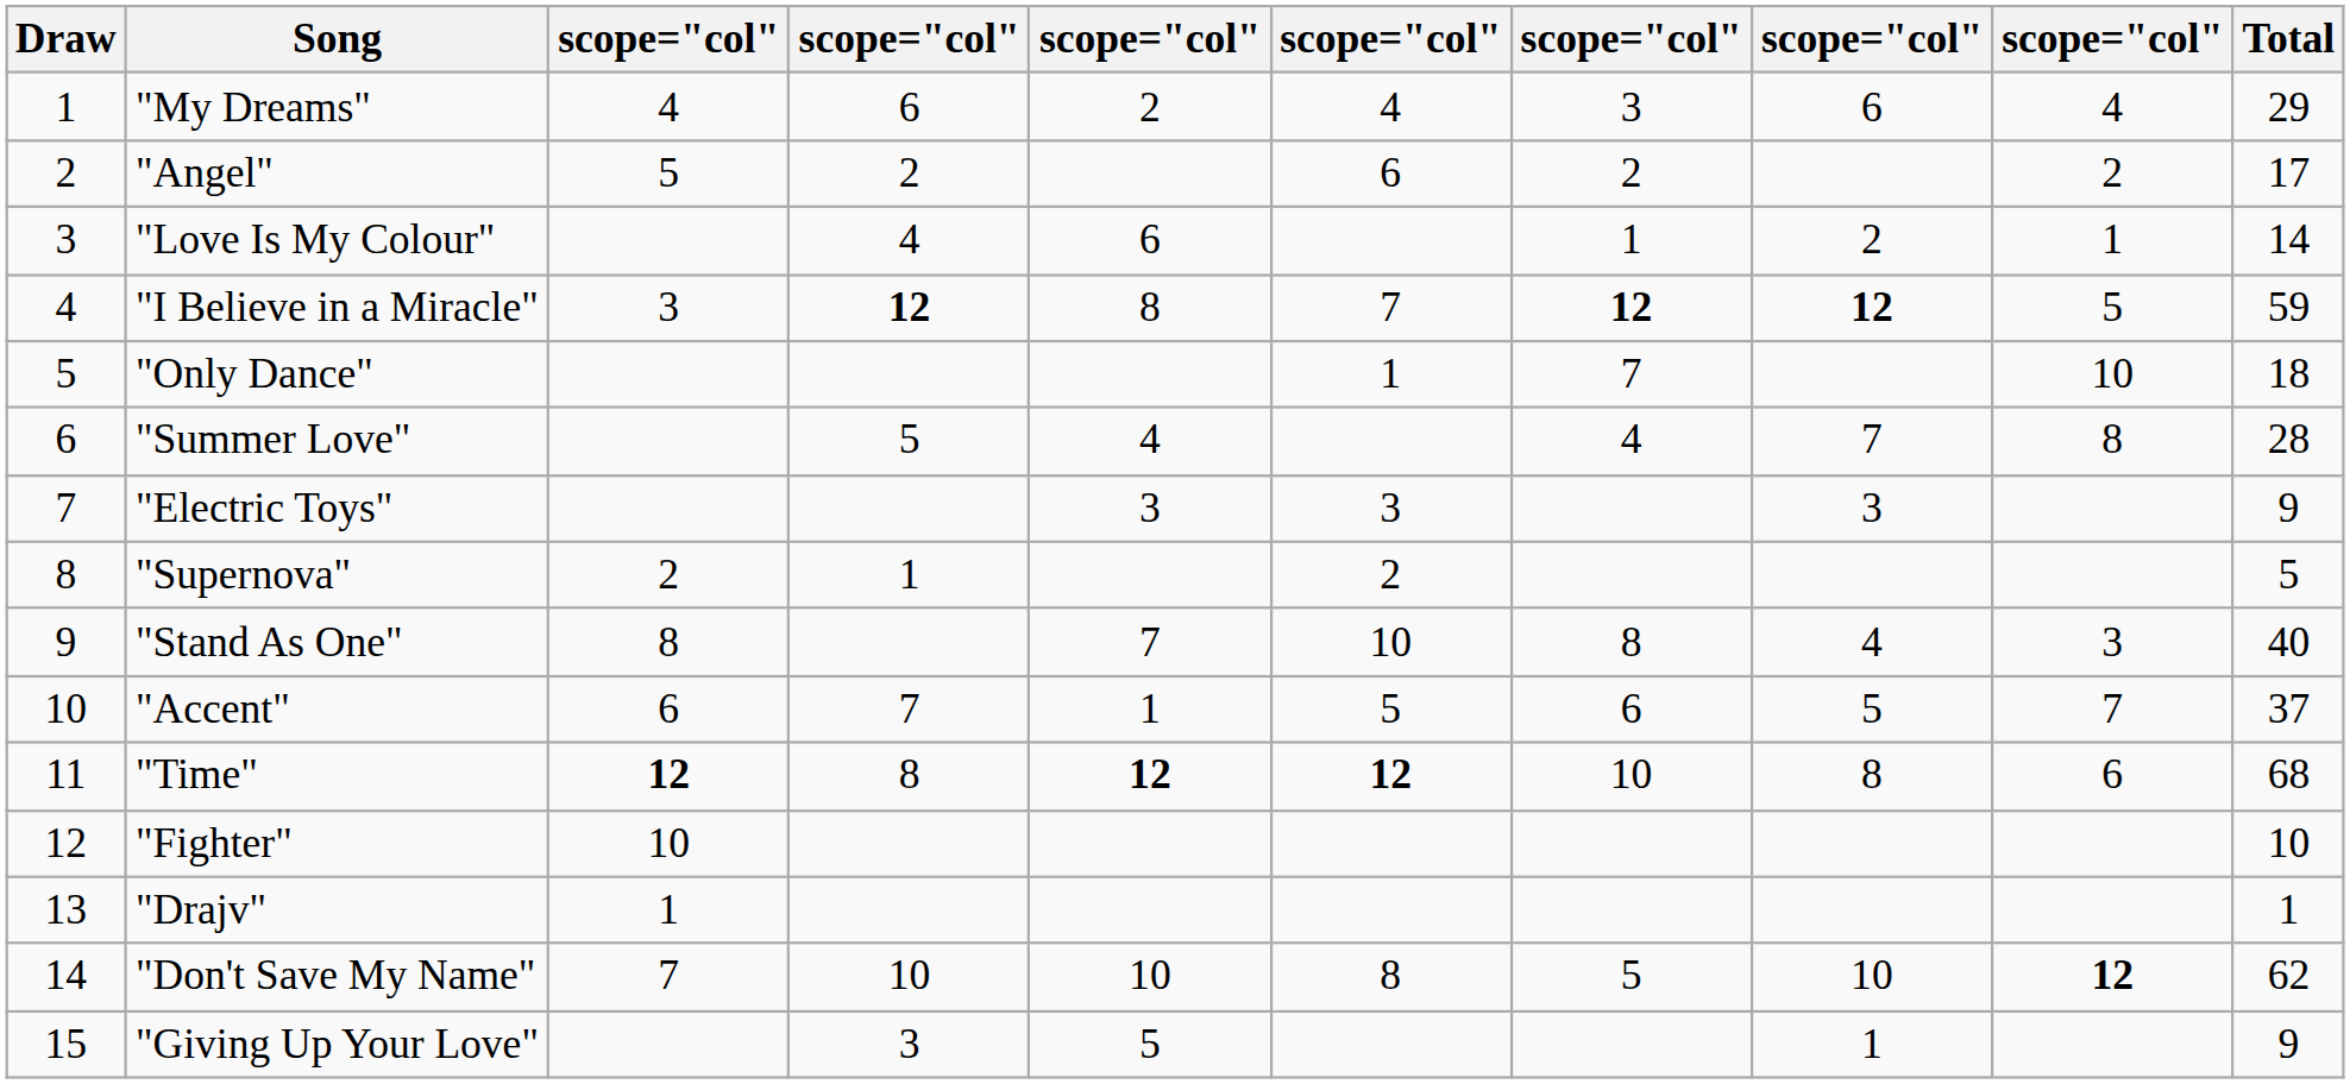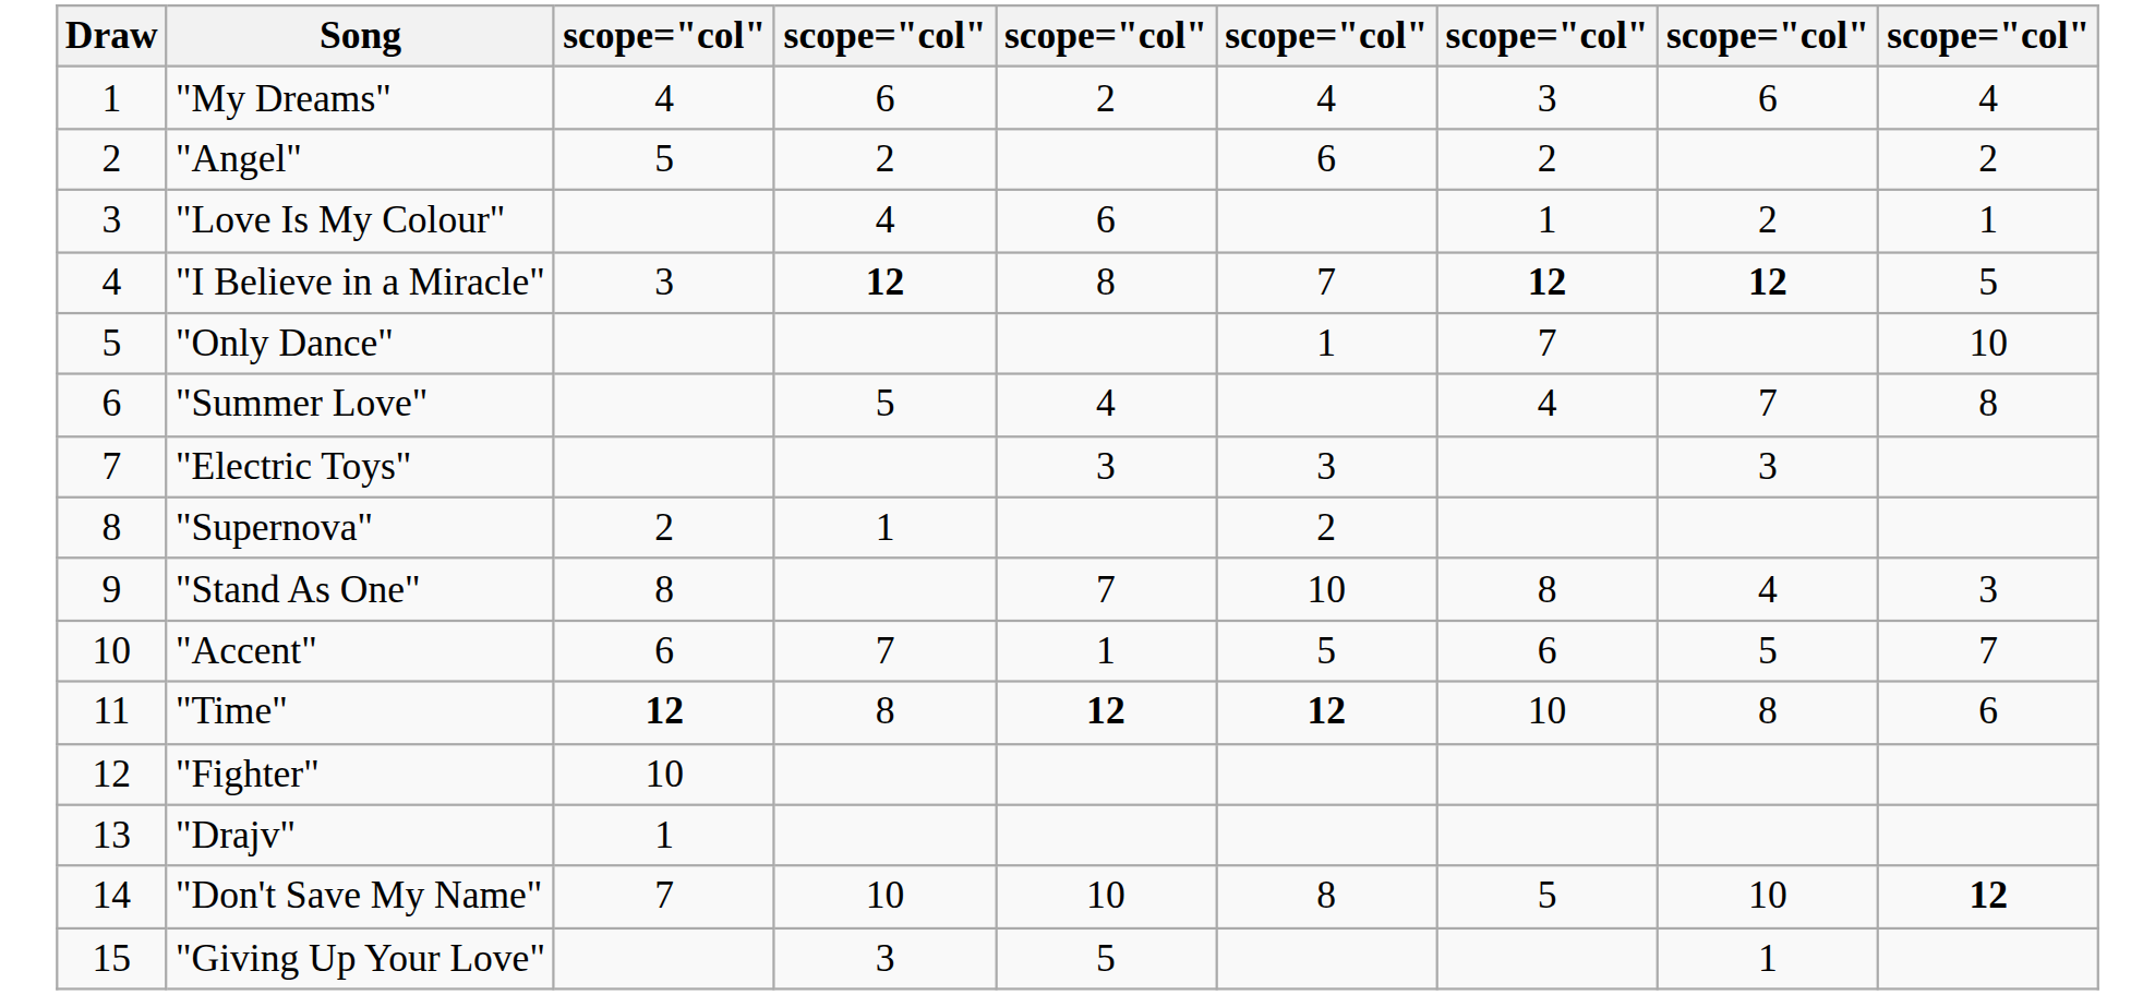 <table class="wikitable collapsible" style="margin: 1em auto 1em auto; text-align:center;">
 <tr>
 <th>Draw</th>
 <th>Song</th>
 <th>scope="col" </th>
 <th>scope="col" </th>
 <th>scope="col" </th>
 <th>scope="col" </th>
 <th>scope="col" </th>
 <th>scope="col" </th>
 <th>scope="col" </th>
-<th>Total</th>
 </tr>
 <tr>
 <td>1</td>
 <td align="left">"My Dreams"</td>
 <td>4</td>
 <td>6</td>
 <td>2</td>
 <td>4</td>
 <td>3</td>
 <td>6</td>
 <td>4</td>
-<td>29</td>
 </tr>
 <tr>
 <td>2</td>
 <td align="left">"Angel"</td>
 <td>5</td>
 <td>2</td>
 <td></td>
 <td>6</td>
 <td>2</td>
 <td></td>
 <td>2</td>
-<td>17</td>
 </tr>
 <tr>
 <td>3</td>
 <td align="left">"Love Is My Colour"</td>
 <td></td>
 <td>4</td>
 <td>6</td>
 <td></td>
 <td>1</td>
 <td>2</td>
 <td>1</td>
-<td>14</td>
 </tr>
 <tr>
 <td>4</td>
 <td align="left">"I Believe in a Miracle"</td>
 <td>3</td>
 <td><strong>12</strong></td>
 <td>8</td>
 <td>7</td>
 <td><strong>12</strong></td>
 <td><strong>12</strong></td>
 <td>5</td>
-<td>59</td>
 </tr>
 <tr>
 <td>5</td>
 <td align="left">"Only Dance"</td>
 <td></td>
 <td></td>
 <td></td>
 <td>1</td>
 <td>7</td>
 <td></td>
 <td>10</td>
-<td>18</td>
 </tr>
 <tr>
 <td>6</td>
 <td align="left">"Summer Love"</td>
 <td></td>
 <td>5</td>
 <td>4</td>
 <td></td>
 <td>4</td>
 <td>7</td>
 <td>8</td>
-<td>28</td>
 </tr>
 <tr>
 <td>7</td>
 <td align="left">"Electric Toys"</td>
 <td></td>
 <td></td>
 <td>3</td>
 <td>3</td>
 <td></td>
 <td>3</td>
 <td></td>
-<td>9</td>
 </tr>
 <tr>
 <td>8</td>
 <td align="left">"Supernova"</td>
 <td>2</td>
 <td>1</td>
 <td></td>
 <td>2</td>
 <td></td>
 <td></td>
 <td></td>
-<td>5</td>
 </tr>
 <tr>
 <td>9</td>
 <td align="left">"Stand As One"</td>
 <td>8</td>
 <td></td>
 <td>7</td>
 <td>10</td>
 <td>8</td>
 <td>4</td>
 <td>3</td>
-<td>40</td>
 </tr>
 <tr>
 <td>10</td>
 <td align="left">"Accent"</td>
 <td>6</td>
 <td>7</td>
 <td>1</td>
 <td>5</td>
 <td>6</td>
 <td>5</td>
 <td>7</td>
-<td>37</td>
 </tr>
 <tr>
 <td>11</td>
 <td align="left">"Time"</td>
 <td><strong>12</strong></td>
 <td>8</td>
 <td><strong>12</strong></td>
 <td><strong>12</strong></td>
 <td>10</td>
 <td>8</td>
 <td>6</td>
-<td>68</td>
 </tr>
 <tr>
 <td>12</td>
 <td align="left">"Fighter"</td>
 <td>10</td>
 <td></td>
 <td></td>
 <td></td>
 <td></td>
 <td></td>
 <td></td>
-<td>10</td>
 </tr>
 <tr>
 <td>13</td>
 <td align="left">"Drajv"</td>
 <td>1</td>
 <td></td>
 <td></td>
 <td></td>
 <td></td>
 <td></td>
 <td></td>
-<td>1</td>
 </tr>
 <tr>
 <td>14</td>
 <td align="left">"Don't Save My Name"</td>
 <td>7</td>
 <td>10</td>
 <td>10</td>
 <td>8</td>
 <td>5</td>
 <td>10</td>
 <td><strong>12</strong></td>
-<td>62</td>
 </tr>
 <tr>
 <td>15</td>
 <td align="left">"Giving Up Your Love"</td>
 <td></td>
 <td>3</td>
 <td>5</td>
 <td></td>
 <td></td>
 <td>1</td>
 <td></td>
-<td>9</td>
 </tr>
 </table>
